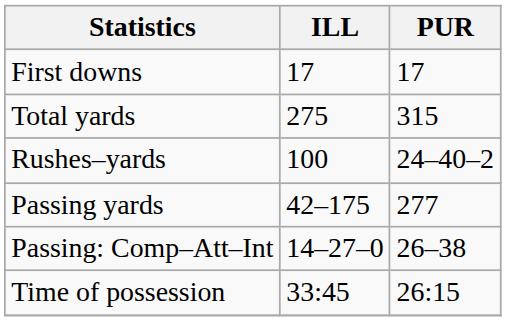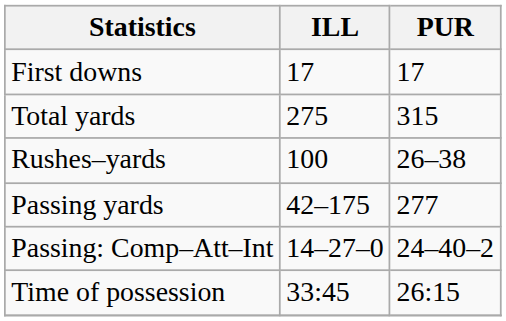 <table class="wikitable" style="float: left;">
 <tr>
 <th>Statistics</th>
 <th>ILL</th>
 <th>PUR</th>
 </tr>
 <tr>
 <td>First downs</td>
 <td>17</td>
 <td>17</td>
 </tr>
 <tr>
 <td>Total yards</td>
 <td>275</td>
 <td>315</td>
 </tr>
 <tr>
 <td>Rushes–yards</td>
 <td>100</td>
-<td>24–40–2</td>
+<td>26–38</td>
 </tr>
 <tr>
 <td>Passing yards</td>
 <td>42–175</td>
 <td>277</td>
 </tr>
 <tr>
 <td>Passing: Comp–Att–Int</td>
 <td>14–27–0</td>
-<td>26–38</td>
+<td>24–40–2</td>
 </tr>
 <tr>
 <td>Time of possession</td>
 <td>33:45</td>
 <td>26:15</td>
 </tr>
 <tr>
 </tr>
 </table>
